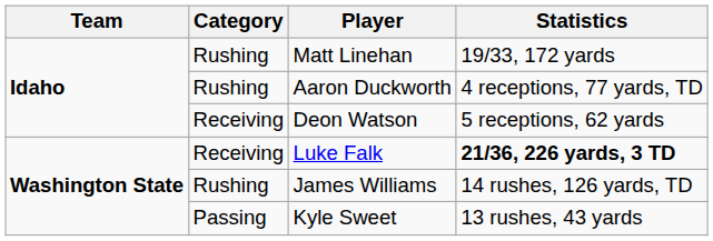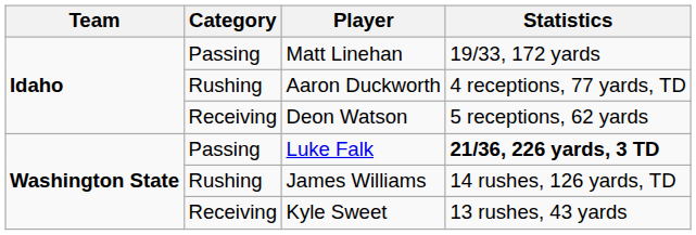 <table class="wikitable" style="float: right;">
 <tr>
 <th>Team</th>
 <th>Category</th>
 <th>Player</th>
 <th>Statistics</th>
 </tr>
 <tr>
 <td rowspan=3><strong>Idaho</strong></td>
-<td>Rushing</td>
+<td>Passing</td>
 <td>Matt Linehan</td>
 <td>19/33, 172 yards</td>
 </tr>
 <tr>
 <td>Rushing</td>
 <td>Aaron Duckworth</td>
 <td>4 receptions, 77 yards, TD</td>
 </tr>
 <tr>
 <td>Receiving</td>
 <td>Deon Watson</td>
 <td>5 receptions, 62 yards</td>
 </tr>
 <tr>
 <td rowspan=3><strong>Washington State</strong></td>
-<td>Receiving</td>
+<td>Passing</td>
 <td><a href='#'>Luke Falk</a></td>
 <td><strong>21/36, 226 yards, 3 TD</strong></td>
 </tr>
 <tr>
 <td>Rushing</td>
 <td>James Williams</td>
 <td>14 rushes, 126 yards, TD</td>
 </tr>
 <tr>
-<td>Passing</td>
+<td>Receiving</td>
 <td>Kyle Sweet</td>
 <td>13 rushes, 43 yards</td>
 </tr>
 </table>
